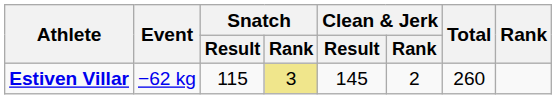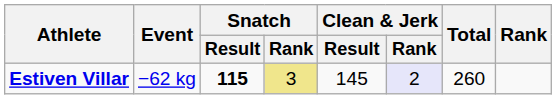 <table class="wikitable" style="font-size:90%">
 <tr>
 <th rowspan="2">Athlete</th>
 <th rowspan="2">Event</th>
 <th colspan="2">Snatch</th>
 <th colspan="2">Clean & Jerk</th>
 <th rowspan="2">Total</th>
 <th rowspan="2">Rank</th>
 </tr>
 <tr style="font-size:95%">
 <th>Result</th>
 <th>Rank</th>
 <th>Result</th>
 <th>Rank</th>
 </tr>
 <tr align=center>
 <td align=left><strong><a href='#'>Estiven Villar</a></strong></td>
 <td align=left><a href='#'>−62 kg</a></td>
-<td>115</td>
+<td><strong>115</strong></td>
 <td style="background: khaki;">3</td>
 <td>145</td>
-<td>2</td>
+<td style="background: lavender;">2</td>
 <td>260</td>
 <td></td>
 </tr>
 </table>
